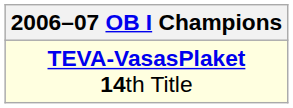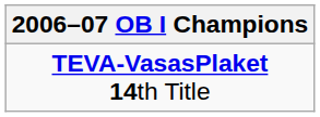 <table class=wikitable style="text-align:center; margin:auto">
 <tr>
 <th>2006–07 <a href='#'>OB I</a> Champions</th>
 </tr>
 <tr>
-<td style="background: lightyellow;"><strong><a href='#'>TEVA-VasasPlaket</a></strong><br><strong>14</strong>th Title</td>
+<td><strong><a href='#'>TEVA-VasasPlaket</a></strong><br><strong>14</strong>th Title</td>
 </tr>
 </table>
